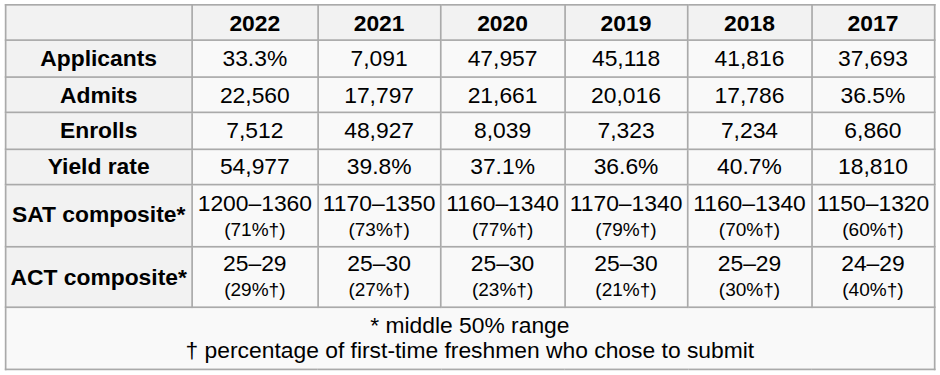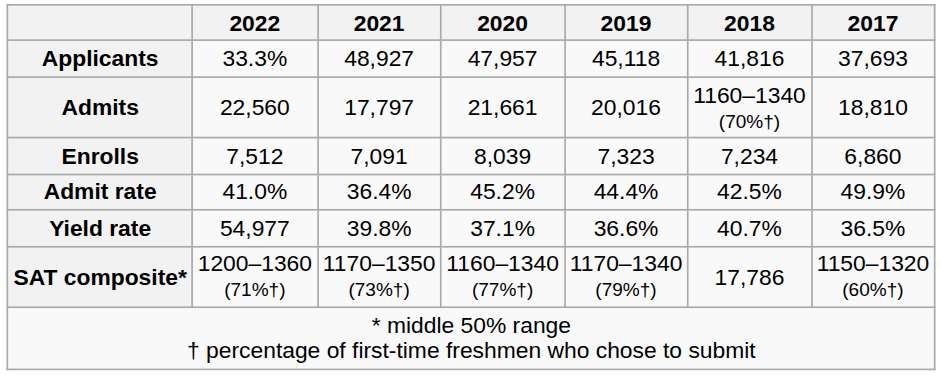 <table style="float:right; font-size:85%; margin:10px; text-align:center; font-size:85%; margin:auto;" class="wikitable">
 <tr>
 <th> </th>
 <th>2022</th>
 <th>2021</th>
 <th>2020</th>
 <th>2019</th>
 <th>2018</th>
 <th>2017</th>
 </tr>
 <tr>
 <th scope = "row">Applicants</th>
 <td>33.3%</td>
-<td>7,091</td>
+<td>48,927</td>
 <td>47,957</td>
 <td>45,118</td>
 <td>41,816</td>
 <td>37,693</td>
 </tr>
 <tr>
 <th scope = "row">Admits</th>
 <td>22,560</td>
 <td>17,797</td>
 <td>21,661</td>
 <td>20,016</td>
-<td>17,786</td>
-<td>36.5%</td>
+<td>1160–1340<br><small>(70%†)</small></td>
+<td>18,810</td>
 </tr>
 <tr>
 <th scope = "row">Enrolls</th>
 <td>7,512</td>
-<td>48,927</td>
+<td>7,091</td>
 <td>8,039</td>
 <td>7,323</td>
 <td>7,234</td>
 <td>6,860</td>
+</tr>
+<tr>
+<th scope = "row">Admit rate</th>
+<td>41.0%</td>
+<td>36.4%</td>
+<td>45.2%</td>
+<td>44.4%</td>
+<td>42.5%</td>
+<td>49.9%</td>
 </tr>
 <tr>
 <th scope = "row">Yield rate</th>
 <td>54,977</td>
 <td>39.8%</td>
 <td>37.1%</td>
 <td>36.6%</td>
 <td>40.7%</td>
-<td>18,810</td>
+<td>36.5%</td>
 </tr>
 <tr>
 <th scope = "row">SAT composite*</th>
 <td>1200–1360<br><small>(71%†)</small></td>
 <td>1170⁠–1350<br><small>(73%†)</small></td>
 <td>1160⁠–1340<br><small>(77%†)</small></td>
 <td>1170–1340<br><small>(79%†)</small></td>
-<td>1160–1340<br><small>(70%†)</small></td>
+<td>17,786</td>
 <td>1150–1320<br><small>(60%†)</small></td>
-</tr>
-<tr>
-<th>ACT composite*</th>
-<td>25–29<br><small>(29%†)</small></td>
-<td>25–30<br><small>(27%†)</small></td>
-<td>25–30<br><small>(23%†)</small></td>
-<td>25–30<br><small>(21%†)</small></td>
-<td>25–29<br><small>(30%†)</small></td>
-<td>24–29<br><small>(40%†)</small></td>
 </tr>
 <tr>
 <td colspan=7>* middle 50% range<br> † percentage of first-time freshmen who chose to submit</td>
 </tr>
 </table>
